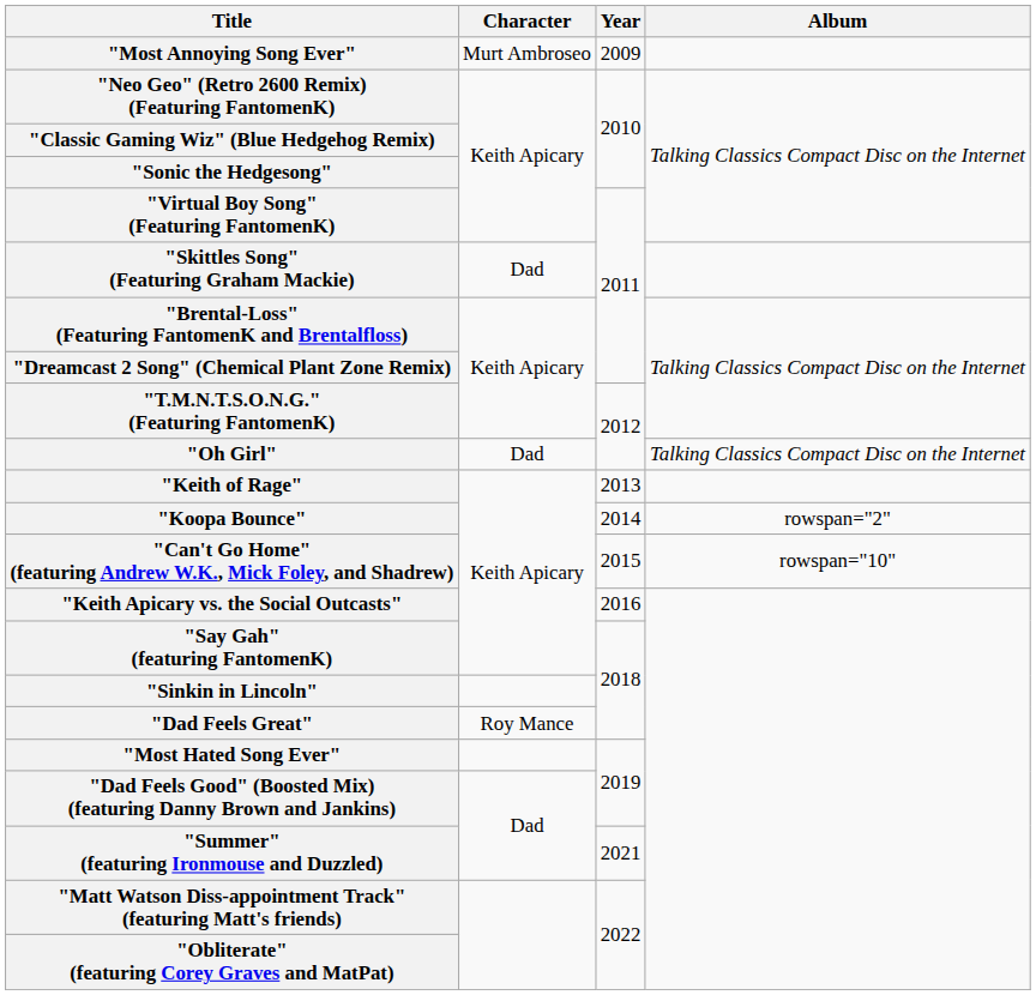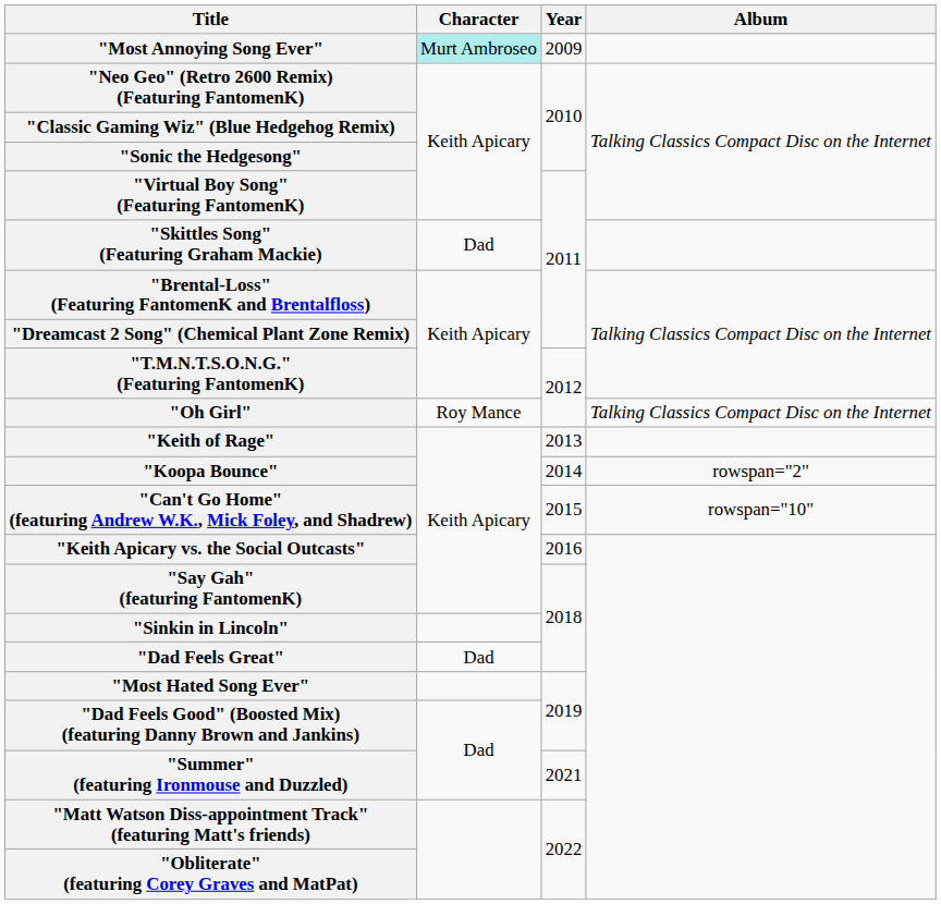 <table class="wikitable plainrowheaders" style="text-align:center;">
 <tr>
 <th scope="col">Title</th>
 <th scope="col">Character</th>
 <th scope="col">Year</th>
 <th scope="col">Album</th>
 </tr>
 <tr>
 <th scope="row">"Most Annoying Song Ever"</th>
-<td>Murt Ambroseo</td>
+<td style="background: paleturquoise;">Murt Ambroseo</td>
 <td>2009</td>
 <td></td>
 </tr>
 <tr>
 <th scope="row">"Neo Geo" (Retro 2600 Remix)<br><span>(Featuring FantomenK)</span></th>
 <td rowspan="4">Keith Apicary</td>
 <td rowspan="3">2010</td>
 <td rowspan="4"><em>Talking Classics Compact Disc on the Internet</em></td>
 </tr>
 <tr>
 <th scope="row">"Classic Gaming Wiz" (Blue Hedgehog Remix)</th>
 </tr>
 <tr>
 <th scope="row">"Sonic the Hedgesong"</th>
 </tr>
 <tr>
 <th scope="row">"Virtual Boy Song"<br><span>(Featuring FantomenK)</span></th>
 <td rowspan="4">2011</td>
 </tr>
 <tr>
 <th scope="row">"Skittles Song"<br><span>(Featuring Graham Mackie)</span></th>
 <td>Dad</td>
 <td></td>
 </tr>
 <tr>
 <th scope="row">"Brental-Loss"<br><span>(Featuring FantomenK and <a href='#'>Brentalfloss</a>)</span></th>
 <td rowspan="3">Keith Apicary</td>
 <td rowspan="3"><em>Talking Classics Compact Disc on the Internet</em></td>
 </tr>
 <tr>
 <th scope="row">"Dreamcast 2 Song" (Chemical Plant Zone Remix)</th>
 </tr>
 <tr>
 <th scope="row">"T.M.N.T.S.O.N.G."<br><span>(Featuring FantomenK)</span></th>
 <td rowspan="2">2012</td>
 </tr>
 <tr>
 <th scope="row">"Oh Girl"</th>
-<td>Dad</td>
+<td>Roy Mance</td>
 <td><em>Talking Classics Compact Disc on the Internet</em></td>
 </tr>
 <tr>
 <th scope="row">"Keith of Rage"</th>
 <td rowspan="5">Keith Apicary</td>
 <td>2013</td>
 </tr>
 <tr>
 <th scope="row">"Koopa Bounce"</th>
 <td>2014</td>
 <td>rowspan="2" </td>
 </tr>
 <tr>
 <th scope="row">"Can't Go Home"<br><span>(featuring <a href='#'>Andrew W.K.</a>, <a href='#'>Mick Foley</a>, and Shadrew)</span></th>
 <td>2015</td>
 <td>rowspan="10" </td>
 </tr>
 <tr>
 <th scope="row">"Keith Apicary vs. the Social Outcasts"</th>
 <td>2016</td>
 </tr>
 <tr>
 <th scope="row">"Say Gah"<br><span>(featuring FantomenK)</span></th>
 <td rowspan="3">2018</td>
 </tr>
 <tr>
 <th scope="row">"Sinkin in Lincoln"</th>
 <td></td>
 </tr>
 <tr>
 <th scope="row">"Dad Feels Great"</th>
-<td>Roy Mance</td>
+<td>Dad</td>
 </tr>
 <tr>
 <th scope="row">"Most Hated Song Ever"</th>
 <td></td>
 <td rowspan="2">2019</td>
 </tr>
 <tr>
 <th scope="row">"Dad Feels Good" (Boosted Mix)<br><span>(featuring Danny Brown and Jankins)</span></th>
 <td rowspan="2">Dad</td>
 </tr>
 <tr>
 <th scope="row">"Summer"<br><span>(featuring <a href='#'>Ironmouse</a> and Duzzled)</span></th>
 <td>2021</td>
 </tr>
 <tr>
 <th scope="row">"Matt Watson Diss-appointment Track"<br><span>(featuring Matt's friends)</span></th>
 <td rowspan="2"></td>
 <td rowspan="2">2022</td>
 </tr>
 <tr>
 <th scope="row">"Obliterate"<br><span>(featuring <a href='#'>Corey Graves</a> and MatPat)</span></th>
 </tr>
 </table>
